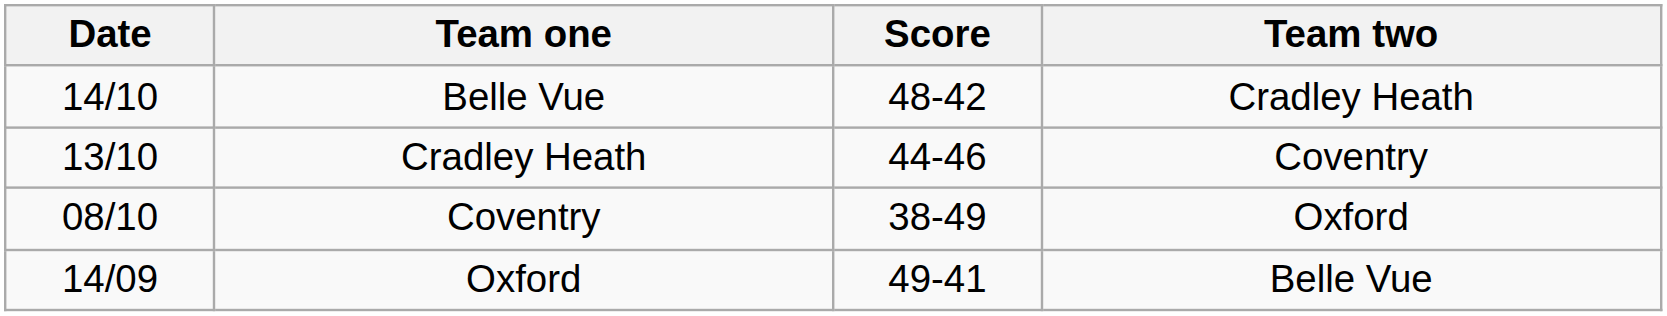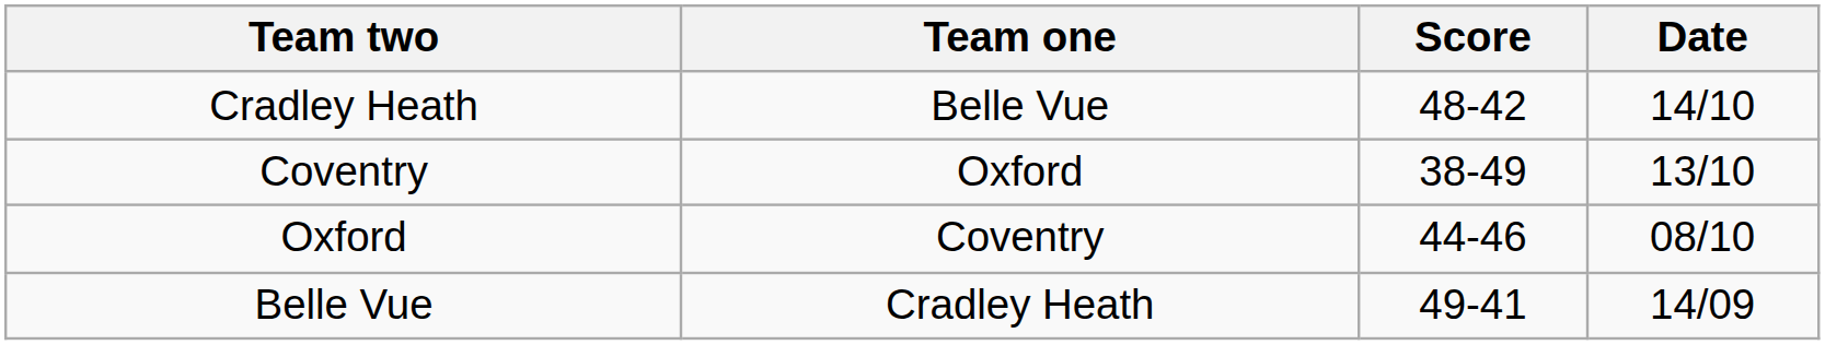 <table class="wikitable" style="text-align: center">
 <tr>
-<th width=80>Date</th>
+<th width=250>Team two</th>
 <th width=250>Team one</th>
 <th width=80>Score</th>
-<th width=250>Team two</th>
+<th width=80>Date</th>
 </tr>
 <tr>
-<td>14/10</td>
+<td>Cradley Heath</td>
 <td>Belle Vue</td>
 <td>48-42</td>
-<td>Cradley Heath</td>
+<td>14/10</td>
 </tr>
 <tr>
+<td>Coventry</td>
+<td>Oxford</td>
+<td>38-49</td>
 <td>13/10</td>
-<td>Cradley Heath</td>
-<td>44-46</td>
-<td>Coventry</td>
 </tr>
 <tr>
+<td>Oxford</td>
+<td>Coventry</td>
+<td>44-46</td>
 <td>08/10</td>
-<td>Coventry</td>
-<td>38-49</td>
-<td>Oxford</td>
 </tr>
 <tr>
+<td>Belle Vue</td>
+<td>Cradley Heath</td>
+<td>49-41</td>
 <td>14/09</td>
-<td>Oxford</td>
-<td>49-41</td>
-<td>Belle Vue</td>
 </tr>
 </table>
